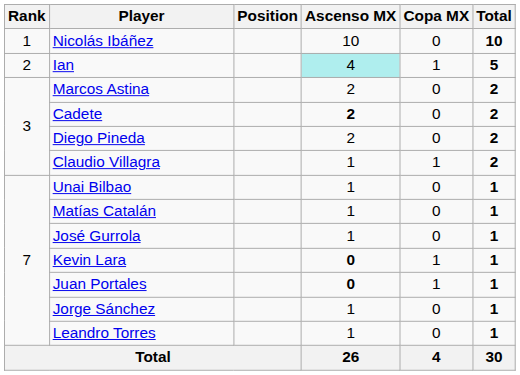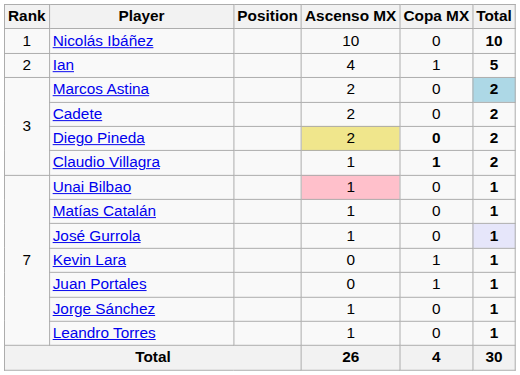 <table class="wikitable">
 <tr>
 <th>Rank</th>
 <th style="width:185px;">Player</th>
 <th>Position</th>
 <th>Ascenso MX</th>
 <th>Copa MX</th>
 <th>Total</th>
 </tr>
 <tr>
 <td align=center>1</td>
 <td> <a href='#'>Nicolás Ibáñez</a></td>
 <td align=center></td>
 <td align=center>10</td>
 <td align=center>0</td>
 <td align=center><strong>10</strong></td>
 </tr>
 <tr>
 <td align=center>2</td>
 <td> <a href='#'>Ian</a></td>
 <td align=center></td>
-<td align=center style="background: paleturquoise;">4</td>
+<td align=center>4</td>
 <td align=center>1</td>
 <td align=center><strong>5</strong></td>
 </tr>
 <tr>
 <td align=center rowspan=4>3</td>
 <td> <a href='#'>Marcos Astina</a></td>
 <td align=center></td>
 <td align=center>2</td>
 <td align=center>0</td>
-<td align=center><strong>2</strong></td>
+<td align=center style="background: lightblue;"><strong>2</strong></td>
 </tr>
 <tr>
 <td> <a href='#'>Cadete</a></td>
 <td align=center></td>
-<td align=center><strong>2</strong></td>
+<td align=center>2</td>
 <td align=center>0</td>
 <td align=center><strong>2</strong></td>
 </tr>
 <tr>
 <td> <a href='#'>Diego Pineda</a></td>
 <td align=center></td>
-<td align=center>2</td>
-<td align=center>0</td>
+<td align=center style="background: khaki;">2</td>
+<td align=center><strong>0</strong></td>
 <td align=center><strong>2</strong></td>
 </tr>
 <tr>
 <td> <a href='#'>Claudio Villagra</a></td>
 <td align=center></td>
 <td align=center>1</td>
-<td align=center>1</td>
+<td align=center><strong>1</strong></td>
 <td align=center><strong>2</strong></td>
 </tr>
 <tr>
 <td align=center rowspan=7>7</td>
 <td> <a href='#'>Unai Bilbao</a></td>
 <td align=center></td>
-<td align=center>1</td>
+<td align=center style="background: pink;">1</td>
 <td align=center>0</td>
 <td align=center><strong>1</strong></td>
 </tr>
 <tr>
 <td> <a href='#'>Matías Catalán</a></td>
 <td align=center></td>
 <td align=center>1</td>
 <td align=center>0</td>
 <td align=center><strong>1</strong></td>
 </tr>
 <tr>
 <td> <a href='#'>José Gurrola</a></td>
 <td align=center></td>
 <td align=center>1</td>
 <td align=center>0</td>
-<td align=center><strong>1</strong></td>
+<td align=center style="background: lavender;"><strong>1</strong></td>
 </tr>
 <tr>
 <td> <a href='#'>Kevin Lara</a></td>
 <td align=center></td>
-<td align=center><strong>0</strong></td>
+<td align=center>0</td>
 <td align=center>1</td>
 <td align=center><strong>1</strong></td>
 </tr>
 <tr>
 <td> <a href='#'>Juan Portales</a></td>
 <td align=center></td>
-<td align=center><strong>0</strong></td>
+<td align=center>0</td>
 <td align=center>1</td>
 <td align=center><strong>1</strong></td>
 </tr>
 <tr>
 <td> <a href='#'>Jorge Sánchez</a></td>
 <td align=center></td>
 <td align=center>1</td>
 <td align=center>0</td>
 <td align=center><strong>1</strong></td>
 </tr>
 <tr>
 <td> <a href='#'>Leandro Torres</a></td>
 <td align=center></td>
 <td align=center>1</td>
 <td align=center>0</td>
 <td align=center><strong>1</strong></td>
 </tr>
 <tr>
 <th align=center colspan=3>Total</th>
 <th align=center>26</th>
 <th align=center>4</th>
 <th align=center>30</th>
 </tr>
 </table>
